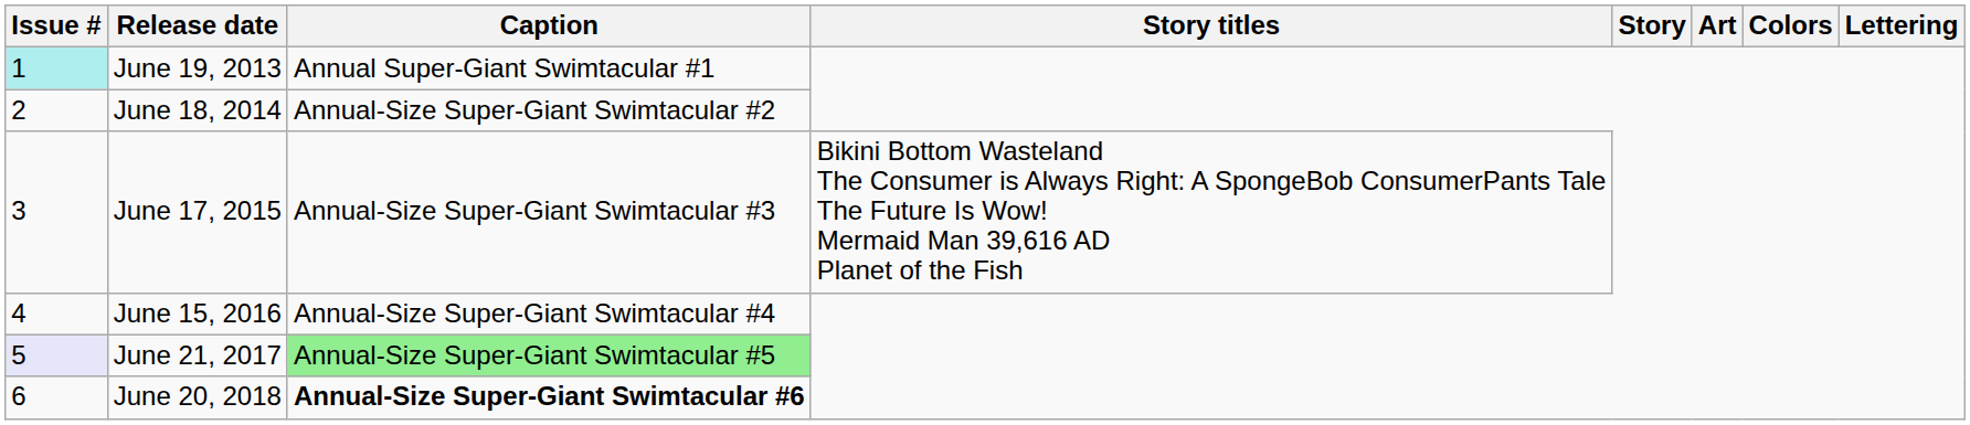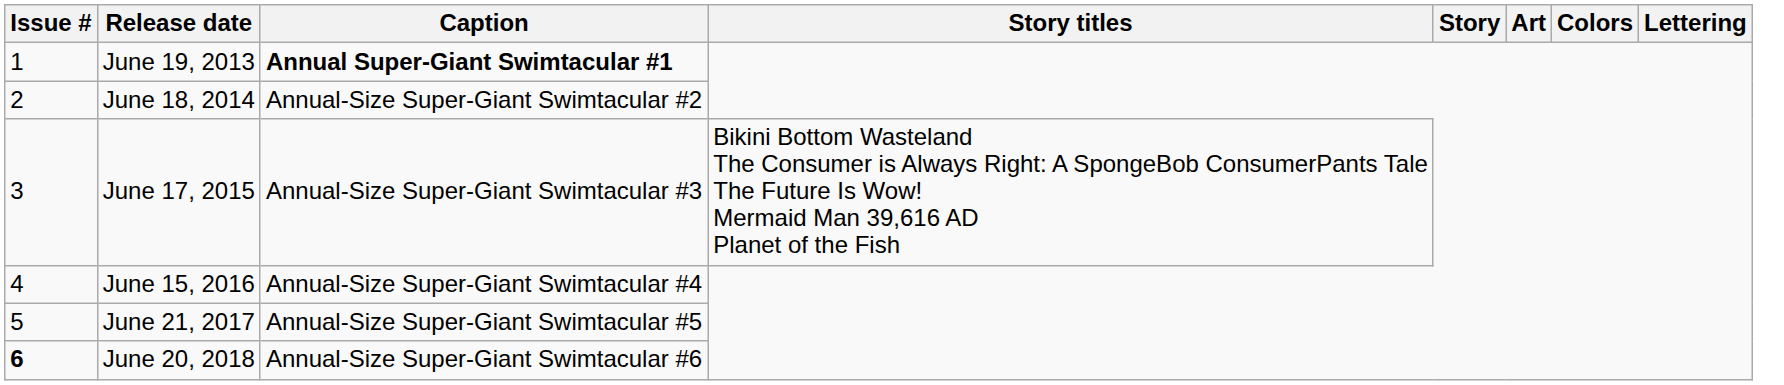 <table class="wikitable">
 <tr>
 <th>Issue #</th>
 <th>Release date</th>
 <th>Caption</th>
 <th>Story titles</th>
 <th>Story</th>
 <th>Art</th>
 <th>Colors</th>
 <th>Lettering</th>
 </tr>
 <tr>
-<td style="background: paleturquoise;">1</td>
+<td>1</td>
 <td>June 19, 2013</td>
-<td>Annual Super-Giant Swimtacular #1</td>
+<td><strong>Annual Super-Giant Swimtacular #1</strong></td>
 </tr>
 <tr>
 <td>2</td>
 <td>June 18, 2014</td>
 <td>Annual-Size Super-Giant Swimtacular #2</td>
 </tr>
 <tr>
 <td>3</td>
 <td>June 17, 2015</td>
 <td>Annual-Size Super-Giant Swimtacular #3</td>
 <td>Bikini Bottom Wasteland<br>The Consumer is Always Right: A SpongeBob ConsumerPants Tale<br>The Future Is Wow!<br> Mermaid Man 39,616 AD<br>Planet of the Fish</td>
 </tr>
 <tr>
 <td>4</td>
 <td>June 15, 2016</td>
 <td>Annual-Size Super-Giant Swimtacular #4</td>
 </tr>
 <tr>
-<td style="background: lavender;">5</td>
+<td>5</td>
 <td>June 21, 2017</td>
-<td style="background: lightgreen;">Annual-Size Super-Giant Swimtacular #5</td>
+<td>Annual-Size Super-Giant Swimtacular #5</td>
 </tr>
 <tr>
-<td>6</td>
+<td><strong>6</strong></td>
 <td>June 20, 2018</td>
-<td><strong>Annual-Size Super-Giant Swimtacular #6</strong></td>
+<td>Annual-Size Super-Giant Swimtacular #6</td>
 </tr>
 </table>
